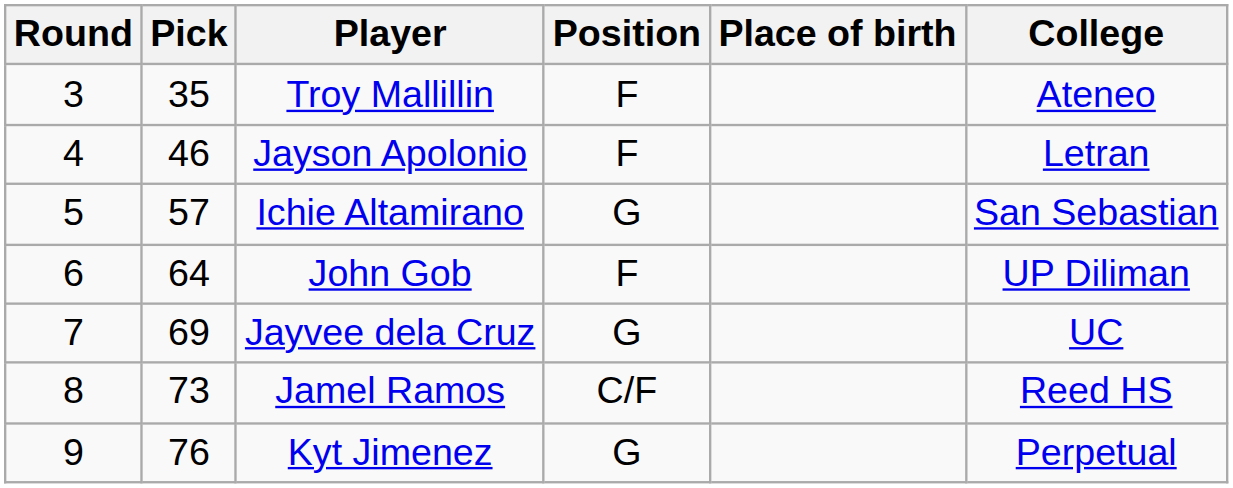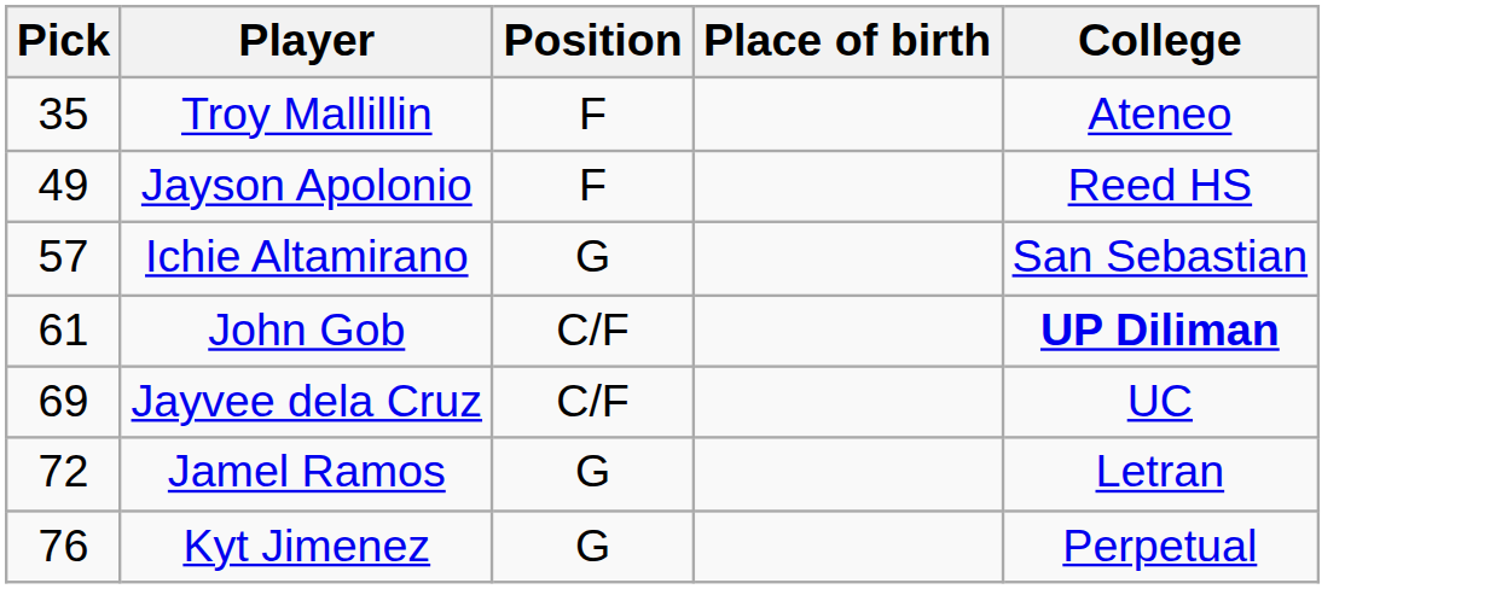 <table class="wikitable sortable sortable" style="text-align:center">
 <tr>
-<th>Round</th>
 <th>Pick</th>
 <th>Player</th>
 <th>Position</th>
 <th>Place of birth</th>
 <th>College</th>
 </tr>
 <tr>
-<td>3</td>
 <td>35</td>
 <td><a href='#'>Troy Mallillin</a></td>
 <td>F</td>
 <td></td>
 <td><a href='#'>Ateneo</a></td>
 </tr>
 <tr>
-<td>4</td>
-<td>46</td>
+<td>49</td>
 <td><a href='#'>Jayson Apolonio</a></td>
 <td>F</td>
 <td></td>
-<td><a href='#'>Letran</a></td>
+<td><a href='#'>Reed HS</a></td>
 </tr>
 <tr>
-<td>5</td>
 <td>57</td>
 <td><a href='#'>Ichie Altamirano</a></td>
 <td>G</td>
 <td></td>
 <td><a href='#'>San Sebastian</a></td>
 </tr>
 <tr>
-<td>6</td>
-<td>64</td>
+<td>61</td>
 <td><a href='#'>John Gob</a></td>
-<td>F</td>
+<td>C/F</td>
 <td></td>
-<td><a href='#'>UP Diliman</a></td>
+<td><strong><a href='#'>UP Diliman</a></strong></td>
 </tr>
 <tr>
-<td>7</td>
 <td>69</td>
 <td><a href='#'>Jayvee dela Cruz</a></td>
-<td>G</td>
+<td>C/F</td>
 <td></td>
 <td><a href='#'>UC</a></td>
 </tr>
 <tr>
-<td>8</td>
-<td>73</td>
+<td>72</td>
 <td><a href='#'>Jamel Ramos</a></td>
-<td>C/F</td>
+<td>G</td>
 <td></td>
-<td><a href='#'>Reed HS</a></td>
+<td><a href='#'>Letran</a></td>
 </tr>
 <tr>
-<td>9</td>
 <td>76</td>
 <td><a href='#'>Kyt Jimenez</a></td>
 <td>G</td>
 <td></td>
 <td><a href='#'>Perpetual</a></td>
 </tr>
 </table>
